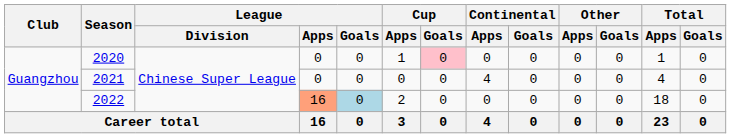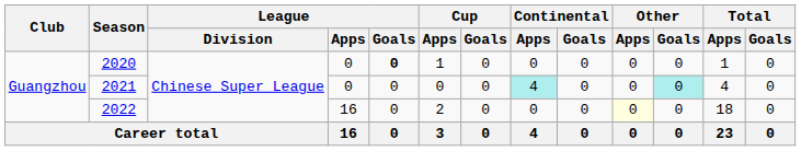 <table class="wikitable" style="text-align: center;">
 <tr>
 <th rowspan=2>Club</th>
 <th rowspan=2>Season</th>
 <th colspan=3>League</th>
 <th colspan=2>Cup</th>
 <th colspan=2>Continental</th>
 <th colspan=2>Other</th>
 <th colspan=2>Total</th>
 </tr>
 <tr>
 <th>Division</th>
 <th>Apps</th>
 <th>Goals</th>
 <th>Apps</th>
 <th>Goals</th>
 <th>Apps</th>
 <th>Goals</th>
 <th>Apps</th>
 <th>Goals</th>
 <th>Apps</th>
 <th>Goals</th>
 </tr>
 <tr>
 <td rowspan=3><a href='#'>Guangzhou</a></td>
 <td><a href='#'>2020</a></td>
 <td rowspan=3><a href='#'>Chinese Super League</a></td>
 <td>0</td>
+<td><strong>0</strong></td>
+<td>1</td>
 <td>0</td>
-<td>1</td>
-<td style="background: pink;">0</td>
 <td>0</td>
 <td>0</td>
 <td>0</td>
 <td>0</td>
 <td>1</td>
 <td>0</td>
 </tr>
 <tr>
 <td><a href='#'>2021</a></td>
 <td>0</td>
 <td>0</td>
 <td>0</td>
 <td>0</td>
-<td>4</td>
+<td style="background: paleturquoise;">4</td>
 <td>0</td>
 <td>0</td>
-<td>0</td>
+<td style="background: paleturquoise;">0</td>
 <td>4</td>
 <td>0</td>
 </tr>
 <tr>
 <td><a href='#'>2022</a></td>
-<td style="background: lightsalmon;">16</td>
-<td style="background: lightblue;">0</td>
+<td>16</td>
+<td>0</td>
 <td>2</td>
 <td>0</td>
 <td>0</td>
 <td>0</td>
-<td>0</td>
+<td style="background: lightyellow;">0</td>
 <td>0</td>
 <td>18</td>
 <td>0</td>
 </tr>
 <tr>
 <th colspan=3>Career total</th>
 <th>16</th>
 <th>0</th>
 <th>3</th>
 <th>0</th>
 <th>4</th>
 <th>0</th>
 <th>0</th>
 <th>0</th>
 <th>23</th>
 <th>0</th>
 </tr>
 </table>
